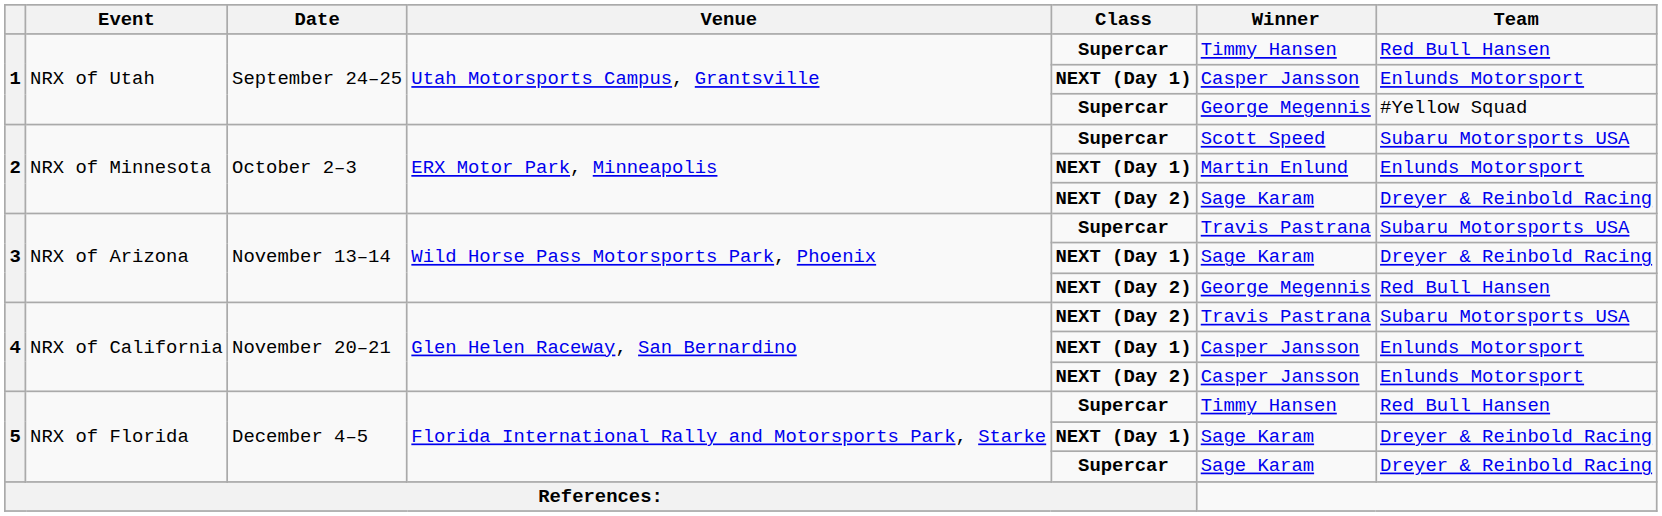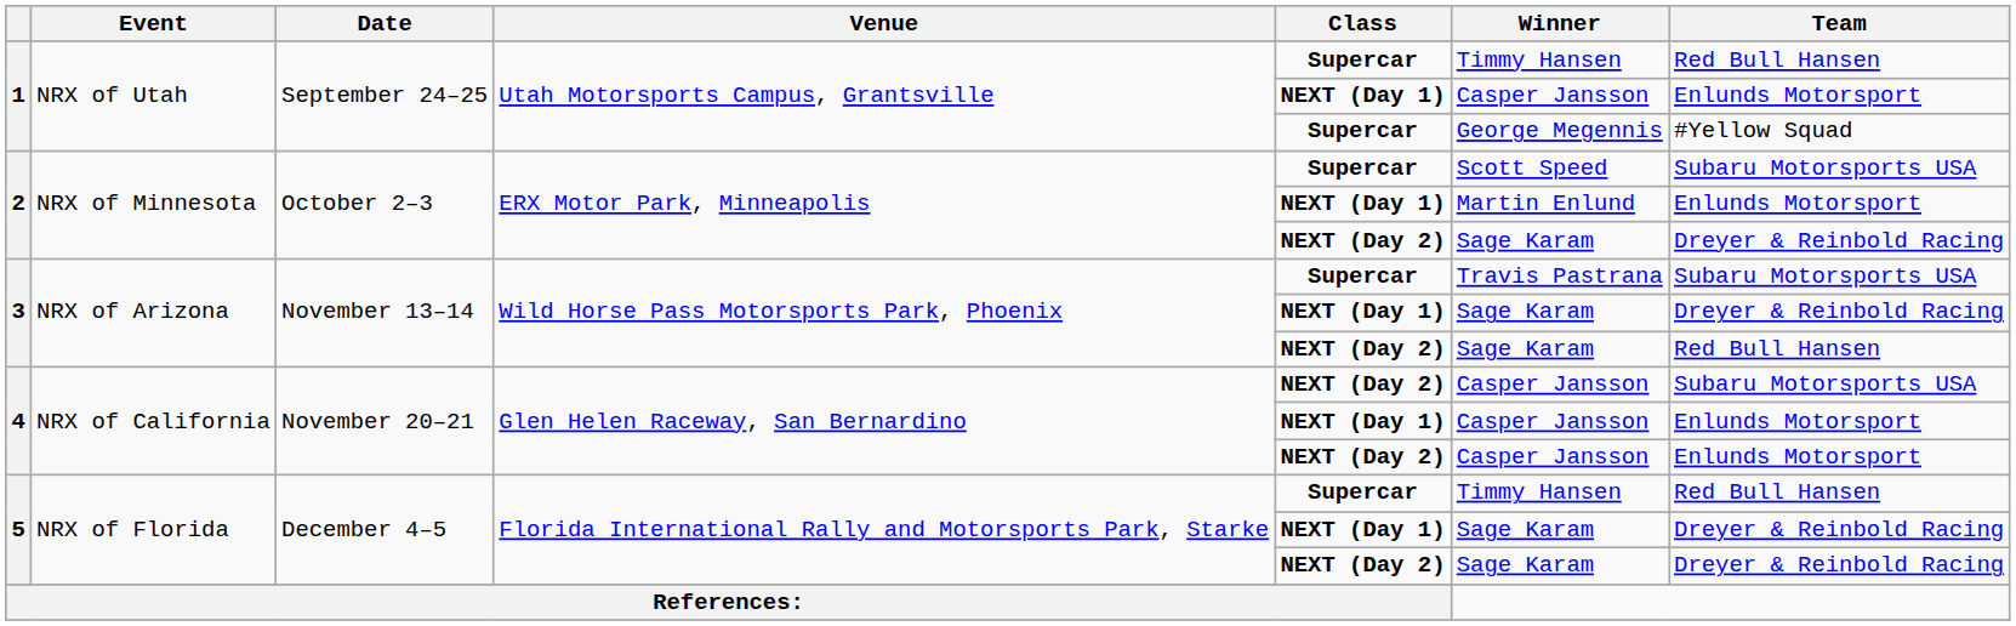 <table class="wikitable" style="font-size:85%;">
 <tr>
 <th></th>
 <th>Event</th>
 <th>Date</th>
 <th>Venue</th>
 <th>Class</th>
 <th>Winner</th>
 <th>Team</th>
 </tr>
 <tr>
 <th rowspan=3>1</th>
 <td rowspan=3> NRX of Utah</td>
 <td rowspan=3>September 24–25</td>
 <td rowspan=3><a href='#'>Utah Motorsports Campus</a>, <a href='#'>Grantsville</a></td>
 <td align=center><strong><span>Supercar</span></strong></td>
 <td> <a href='#'>Timmy Hansen</a></td>
 <td> <a href='#'>Red Bull Hansen</a></td>
 </tr>
 <tr>
 <td align=center><strong><span>NEXT (Day 1) </span></strong></td>
 <td> <a href='#'>Casper Jansson</a></td>
 <td> <a href='#'>Enlunds Motorsport</a></td>
 </tr>
 <tr>
 <td align=center><strong><span>Supercar</span></strong></td>
 <td> <a href='#'>George Megennis</a></td>
 <td> #Yellow Squad</td>
 </tr>
 <tr>
 <th rowspan=3>2</th>
 <td rowspan=3> NRX of Minnesota</td>
 <td rowspan=3>October 2–3</td>
 <td rowspan=3><a href='#'>ERX Motor Park</a>, <a href='#'>Minneapolis</a></td>
 <td align=center><strong><span>Supercar</span></strong></td>
 <td> <a href='#'>Scott Speed</a></td>
 <td> <a href='#'>Subaru Motorsports USA</a></td>
 </tr>
 <tr>
 <td align=center><strong><span>NEXT (Day 1) </span></strong></td>
 <td> <a href='#'>Martin Enlund</a></td>
 <td> <a href='#'>Enlunds Motorsport</a></td>
 </tr>
 <tr>
 <td align=center><strong><span>NEXT (Day 2) </span></strong></td>
 <td> <a href='#'>Sage Karam</a></td>
 <td> <a href='#'>Dreyer & Reinbold Racing</a></td>
 </tr>
 <tr>
 <th rowspan=3>3</th>
 <td rowspan=3> NRX of Arizona</td>
 <td rowspan=3>November 13–14</td>
 <td rowspan=3><a href='#'>Wild Horse Pass Motorsports Park</a>, <a href='#'>Phoenix</a></td>
 <td align=center><strong><span>Supercar</span></strong></td>
 <td> <a href='#'>Travis Pastrana</a></td>
 <td> <a href='#'>Subaru Motorsports USA</a></td>
 </tr>
 <tr>
 <td align=center><strong><span>NEXT (Day 1) </span></strong></td>
 <td> <a href='#'>Sage Karam</a></td>
 <td> <a href='#'>Dreyer & Reinbold Racing</a></td>
 </tr>
 <tr>
 <td align=center><strong><span>NEXT (Day 2) </span></strong></td>
-<td> <a href='#'>George Megennis</a></td>
+<td> <a href='#'>Sage Karam</a></td>
 <td> <a href='#'>Red Bull Hansen</a></td>
 </tr>
 <tr>
 <th rowspan=3>4</th>
 <td rowspan=3> NRX of California</td>
 <td rowspan=3>November 20–21</td>
 <td rowspan=3><a href='#'>Glen Helen Raceway</a>, <a href='#'>San Bernardino</a></td>
 <td align=center><strong><span>NEXT (Day 2) </span></strong></td>
-<td> <a href='#'>Travis Pastrana</a></td>
+<td> <a href='#'>Casper Jansson</a></td>
 <td> <a href='#'>Subaru Motorsports USA</a></td>
 </tr>
 <tr>
 <td align=center><strong><span>NEXT (Day 1) </span></strong></td>
 <td> <a href='#'>Casper Jansson</a></td>
 <td> <a href='#'>Enlunds Motorsport</a></td>
 </tr>
 <tr>
 <td align=center><strong><span>NEXT (Day 2) </span></strong></td>
 <td> <a href='#'>Casper Jansson</a></td>
 <td> <a href='#'>Enlunds Motorsport</a></td>
 </tr>
 <tr>
 <th rowspan=3>5</th>
 <td rowspan=3> NRX of Florida</td>
 <td rowspan=3>December 4–5</td>
 <td rowspan=3><a href='#'>Florida International Rally and Motorsports Park</a>, <a href='#'>Starke</a></td>
 <td align=center><strong><span>Supercar</span></strong></td>
 <td> <a href='#'>Timmy Hansen</a></td>
 <td> <a href='#'>Red Bull Hansen</a></td>
 </tr>
 <tr>
 <td align=center><strong><span>NEXT (Day 1) </span></strong></td>
 <td> <a href='#'>Sage Karam</a></td>
 <td> <a href='#'>Dreyer & Reinbold Racing</a></td>
 </tr>
 <tr>
-<td align=center><strong><span>Supercar</span></strong></td>
+<td align=center><strong><span>NEXT (Day 2) </span></strong></td>
 <td> <a href='#'>Sage Karam</a></td>
 <td> <a href='#'>Dreyer & Reinbold Racing</a></td>
 </tr>
 <tr>
 <th colspan=5>References:</th>
 </tr>
 </table>
